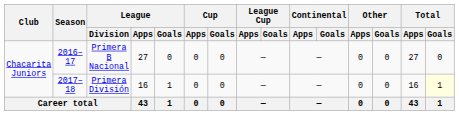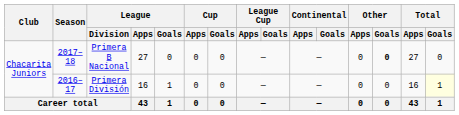 <table class="wikitable" style="text-align:center">
 <tr>
 <th rowspan="2">Club</th>
 <th rowspan="2">Season</th>
 <th colspan="3">League</th>
 <th colspan="2">Cup</th>
 <th colspan="2">League Cup</th>
 <th colspan="2">Continental</th>
 <th colspan="2">Other</th>
 <th colspan="2">Total</th>
 </tr>
 <tr>
 <th>Division</th>
 <th>Apps</th>
 <th>Goals</th>
 <th>Apps</th>
 <th>Goals</th>
 <th>Apps</th>
 <th>Goals</th>
 <th>Apps</th>
 <th>Goals</th>
 <th>Apps</th>
 <th>Goals</th>
 <th>Apps</th>
 <th>Goals</th>
 </tr>
 <tr>
 <td rowspan="2"><a href='#'>Chacarita Juniors</a></td>
-<td><a href='#'>2016–17</a></td>
+<td><a href='#'>2017–18</a></td>
 <td rowspan="1"><a href='#'>Primera B Nacional</a></td>
 <td>27</td>
 <td>0</td>
 <td>0</td>
 <td>0</td>
 <td colspan="2">—</td>
 <td colspan="2">—</td>
 <td>0</td>
-<td>0</td>
+<td><strong>0</strong></td>
 <td>27</td>
 <td>0</td>
 </tr>
 <tr>
-<td><a href='#'>2017–18</a></td>
+<td><a href='#'>2016–17</a></td>
 <td rowspan="1"><a href='#'>Primera División</a></td>
 <td>16</td>
 <td>1</td>
 <td>0</td>
 <td>0</td>
 <td colspan="2">—</td>
 <td colspan="2">—</td>
 <td>0</td>
 <td>0</td>
 <td>16</td>
 <td style="background: lightyellow;">1</td>
 </tr>
 <tr>
 <th colspan="3">Career total</th>
 <th>43</th>
 <th>1</th>
 <th>0</th>
 <th>0</th>
 <th colspan="2">—</th>
 <th colspan="2">—</th>
 <th>0</th>
 <th>0</th>
 <th>43</th>
 <th>1</th>
 </tr>
 </table>
